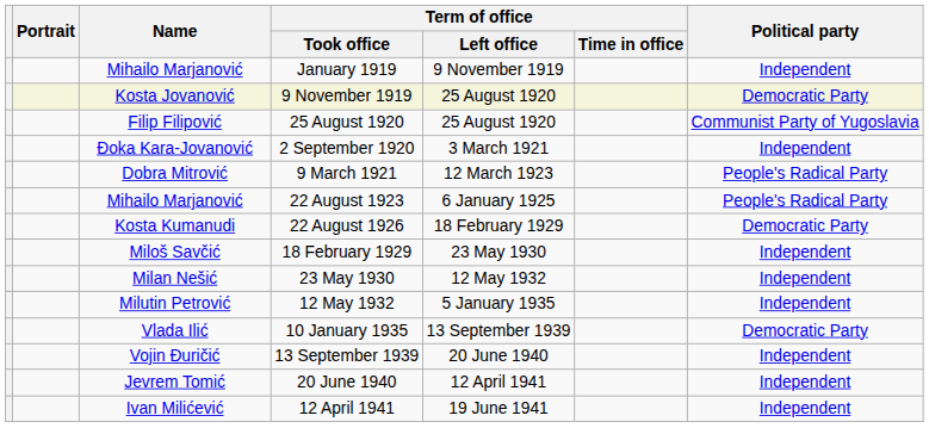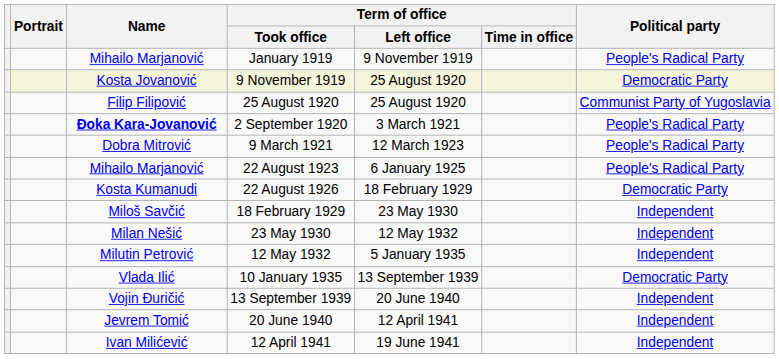 <table class="wikitable" style="text-align:center;">
 <tr>
 <th rowspan=2></th>
 <th rowspan=2>Portrait</th>
 <th rowspan=2 width=180>Name<br></th>
 <th colspan=3>Term of office</th>
 <th rowspan=2>Political party</th>
 </tr>
 <tr>
 <th>Took office</th>
 <th>Left office</th>
 <th>Time in office</th>
 </tr>
 <tr>
 <th style="background:"></th>
 <td></td>
 <td><a href='#'>Mihailo Marjanović</a><br></td>
 <td>January 1919</td>
 <td>9 November 1919</td>
 <td></td>
-<td><a href='#'>Independent</a></td>
+<td><a href='#'>People's Radical Party</a></td>
 </tr>
 <tr style="background:#F5F5DC;">
 <th style="background:"></th>
 <td></td>
 <td><a href='#'>Kosta Jovanović</a><br></td>
 <td>9 November 1919</td>
 <td>25 August 1920</td>
 <td></td>
 <td><a href='#'>Democratic Party</a></td>
 </tr>
 <tr>
 <th style="background:"></th>
 <td></td>
 <td><a href='#'>Filip Filipović</a><br></td>
 <td>25 August 1920</td>
 <td>25 August 1920</td>
 <td></td>
 <td><a href='#'>Communist Party of Yugoslavia</a></td>
 </tr>
 <tr>
 <th style="background:"></th>
 <td></td>
-<td><a href='#'>Đoka Kara-Jovanović</a></td>
+<td><strong><a href='#'>Đoka Kara-Jovanović</a></strong></td>
 <td>2 September 1920</td>
 <td>3 March 1921</td>
 <td></td>
-<td><a href='#'>Independent</a></td>
+<td><a href='#'>People's Radical Party</a></td>
 </tr>
 <tr>
 <th style="background:"></th>
 <td></td>
 <td><a href='#'>Dobra Mitrović</a><br></td>
 <td>9 March 1921</td>
 <td>12 March 1923</td>
 <td></td>
 <td><a href='#'>People's Radical Party</a></td>
 </tr>
 <tr>
 <th style="background:"></th>
 <td></td>
 <td><a href='#'>Mihailo Marjanović</a><br></td>
 <td>22 August 1923</td>
 <td>6 January 1925</td>
 <td></td>
 <td><a href='#'>People's Radical Party</a></td>
 </tr>
 <tr>
 <th style="background:"></th>
 <td></td>
 <td><a href='#'>Kosta Kumanudi</a><br></td>
 <td>22 August 1926</td>
 <td>18 February 1929</td>
 <td></td>
 <td><a href='#'>Democratic Party</a></td>
 </tr>
 <tr>
 <th style="background:"></th>
 <td></td>
 <td><a href='#'>Miloš Savčić</a><br></td>
 <td>18 February 1929</td>
 <td>23 May 1930</td>
 <td></td>
 <td><a href='#'>Independent</a></td>
 </tr>
 <tr>
 <th style="background:"></th>
 <td></td>
 <td><a href='#'>Milan Nešić</a><br></td>
 <td>23 May 1930</td>
 <td>12 May 1932</td>
 <td></td>
 <td><a href='#'>Independent</a></td>
 </tr>
 <tr>
 <th style="background:"></th>
 <td></td>
 <td><a href='#'>Milutin Petrović</a></td>
 <td>12 May 1932</td>
 <td>5 January 1935</td>
 <td></td>
 <td><a href='#'>Independent</a></td>
 </tr>
 <tr>
 <th style="background:"></th>
 <td></td>
 <td><a href='#'>Vlada Ilić</a><br></td>
 <td>10 January 1935</td>
 <td>13 September 1939</td>
 <td></td>
 <td><a href='#'>Democratic Party</a></td>
 </tr>
 <tr>
 <th style="background:"></th>
 <td></td>
 <td><a href='#'>Vojin Đuričić</a></td>
 <td>13 September 1939</td>
 <td>20 June 1940</td>
 <td></td>
 <td><a href='#'>Independent</a></td>
 </tr>
 <tr>
 <th style="background:"></th>
 <td></td>
 <td><a href='#'>Jevrem Tomić</a></td>
 <td>20 June 1940</td>
 <td>12 April 1941</td>
 <td></td>
 <td><a href='#'>Independent</a></td>
 </tr>
 <tr>
 <th style="background:"></th>
 <td></td>
 <td><a href='#'>Ivan Milićević</a></td>
 <td>12 April 1941</td>
 <td>19 June 1941</td>
 <td></td>
 <td><a href='#'>Independent</a></td>
 </tr>
 </table>
